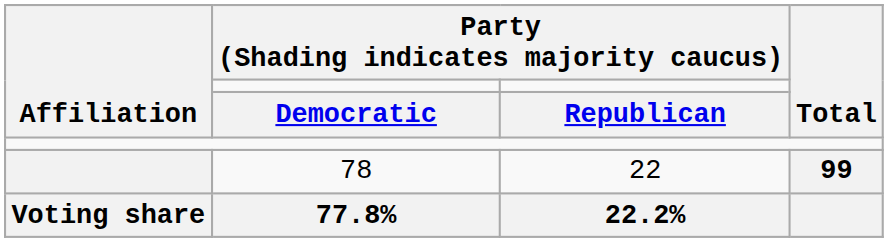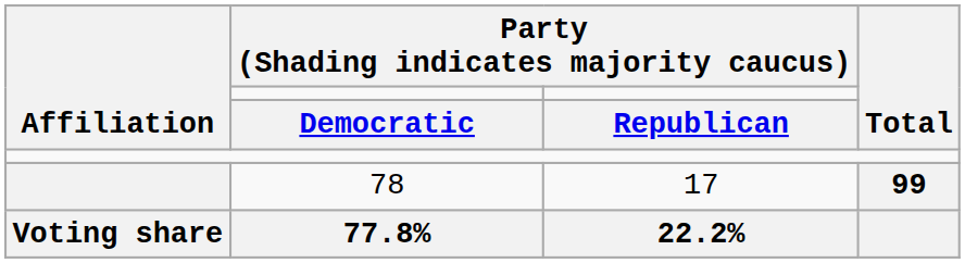 <table class=wikitable style="text-align:center">
 <tr style="vertical-align:bottom;">
 <th rowspan=3>Affiliation</th>
 <th colspan=2>Party <div>(Shading indicates majority caucus)</div></th>
 <th rowspan=3>Total</th>
 </tr>
 <tr style="height:5px">
 <td style="background-color:"></td>
 <td style="background-color:"></td>
 </tr>
 <tr>
 <th><a href='#'>Democratic</a></th>
 <th><a href='#'>Republican</a></th>
 </tr>
 <tr>
 <td colspan=5></td>
 </tr>
 <tr>
 <th nowrap style="font-size:80%"></th>
 <td>78</td>
-<td>22</td>
+<td>17</td>
 <th>99</th>
 </tr>
 <tr>
 <th>Voting share</th>
 <th>77.8%</th>
 <th>22.2%</th>
 <th colspan=2></th>
 </tr>
 </table>
